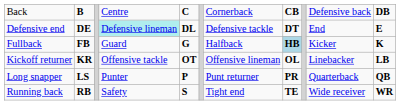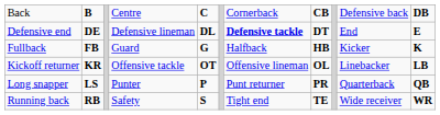 <table class="wikitable">
 <tr>
 <td>Back</td>
 <td><strong>B</strong></td>
 <td rowSpan="6" style="background-color:lightgrey;"></td>
 <td><a href='#'>Centre</a></td>
 <td><strong>C</strong></td>
 <td rowSpan="6" style="background-color:lightgrey;"></td>
 <td><a href='#'>Cornerback</a></td>
 <td><strong>CB</strong></td>
 <td rowSpan="6" style="background-color:lightgrey;"></td>
 <td><a href='#'>Defensive back</a></td>
 <td><strong>DB</strong></td>
 </tr>
 <tr>
 <td><a href='#'>Defensive end</a></td>
 <td><strong>DE</strong></td>
-<td style="background: paleturquoise;"><a href='#'>Defensive lineman</a></td>
+<td><a href='#'>Defensive lineman</a></td>
 <td><strong>DL</strong></td>
-<td><a href='#'>Defensive tackle</a></td>
+<td><strong><a href='#'>Defensive tackle</a></strong></td>
 <td><strong>DT</strong></td>
 <td><a href='#'>End</a></td>
 <td><strong>E</strong></td>
 </tr>
 <tr>
 <td><a href='#'>Fullback</a></td>
 <td><strong>FB</strong></td>
 <td><a href='#'>Guard</a></td>
 <td><strong>G</strong></td>
 <td><a href='#'>Halfback</a></td>
-<td style="background: lightblue;"><strong>HB</strong></td>
+<td><strong>HB</strong></td>
 <td><a href='#'>Kicker</a></td>
 <td><strong>K</strong></td>
 </tr>
 <tr>
 <td><a href='#'>Kickoff returner</a></td>
 <td><strong>KR</strong></td>
 <td><a href='#'>Offensive tackle</a></td>
 <td><strong>OT</strong></td>
 <td><a href='#'>Offensive lineman</a></td>
 <td><strong>OL</strong></td>
 <td><a href='#'>Linebacker</a></td>
 <td><strong>LB</strong></td>
 </tr>
 <tr>
 <td><a href='#'>Long snapper</a></td>
 <td><strong>LS</strong></td>
 <td><a href='#'>Punter</a></td>
 <td><strong>P</strong></td>
 <td><a href='#'>Punt returner</a></td>
 <td><strong>PR</strong></td>
 <td><a href='#'>Quarterback</a></td>
 <td><strong>QB</strong></td>
 </tr>
 <tr>
 <td><a href='#'>Running back</a></td>
 <td><strong>RB</strong></td>
 <td><a href='#'>Safety</a></td>
 <td><strong>S</strong></td>
 <td><a href='#'>Tight end</a></td>
 <td><strong>TE</strong></td>
 <td><a href='#'>Wide receiver</a></td>
 <td><strong>WR</strong></td>
 </tr>
 </table>
